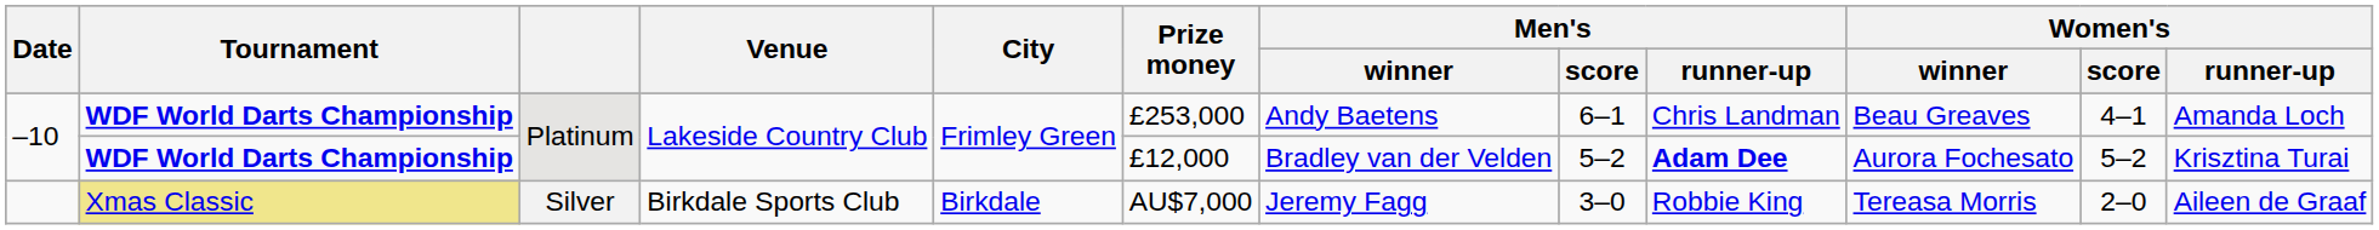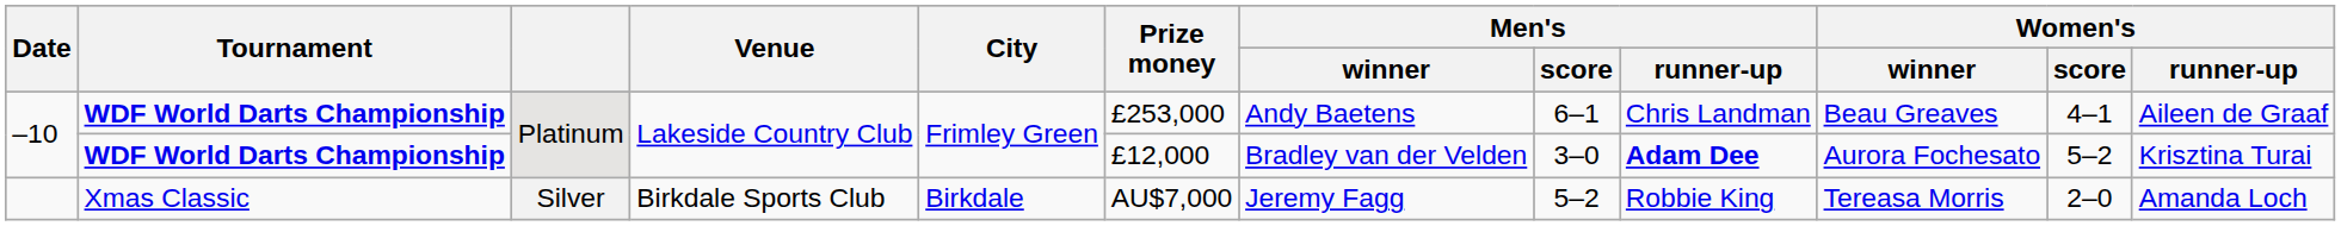 <table class="wikitable sortable" style="font-size: 85%">
 <tr>
 <th class=unsortable rowspan="2">Date</th>
 <th rowspan="2">Tournament</th>
 <th rowspan="2"></th>
 <th rowspan="2">Venue</th>
 <th rowspan="2">City</th>
 <th rowspan="2" class=unsortable>Prize<br>money</th>
 <th colspan="3">Men's</th>
 <th colspan="3">Women's</th>
 </tr>
 <tr>
 <th>winner</th>
 <th class=unsortable>score</th>
 <th>runner-up</th>
 <th>winner</th>
 <th class=unsortable>score</th>
 <th>runner-up</th>
 </tr>
 <tr>
 <td rowspan=2>–10</td>
 <td><strong><a href='#'>WDF World Darts Championship</a></strong> <strong></strong></td>
 <td rowspan=2 bgcolor="E5E4E2" align="center">Platinum</td>
 <td rowspan=2><a href='#'>Lakeside Country Club</a></td>
 <td rowspan=2> <a href='#'>Frimley Green</a></td>
 <td>£253,000</td>
 <td> <a href='#'>Andy Baetens</a></td>
 <td align="center">6–1</td>
 <td> <a href='#'>Chris Landman</a></td>
 <td> <a href='#'>Beau Greaves</a></td>
 <td align="center">4–1</td>
-<td> <a href='#'>Amanda Loch</a></td>
+<td> <a href='#'>Aileen de Graaf</a></td>
 </tr>
 <tr>
 <td><strong><a href='#'>WDF World Darts Championship</a></strong> <strong></strong></td>
 <td>£12,000</td>
 <td> <a href='#'>Bradley van der Velden</a></td>
-<td align="center">5–2</td>
+<td align="center">3–0</td>
 <td><strong> <a href='#'>Adam Dee</a></strong></td>
 <td> <a href='#'>Aurora Fochesato</a></td>
 <td align="center">5–2</td>
 <td> <a href='#'>Krisztina Turai</a></td>
 </tr>
 <tr>
 <td></td>
-<td style="background: khaki;"><a href='#'>Xmas Classic</a></td>
+<td><a href='#'>Xmas Classic</a></td>
 <td bgcolor="f2f2f2" align="center">Silver</td>
 <td>Birkdale Sports Club</td>
 <td> <a href='#'>Birkdale</a></td>
 <td>AU$7,000</td>
 <td> <a href='#'>Jeremy Fagg</a></td>
-<td align="center">3–0</td>
+<td align="center">5–2</td>
 <td> <a href='#'>Robbie King</a></td>
 <td> <a href='#'>Tereasa Morris</a></td>
 <td align="center">2–0</td>
-<td> <a href='#'>Aileen de Graaf</a></td>
+<td> <a href='#'>Amanda Loch</a></td>
 </tr>
 </table>
